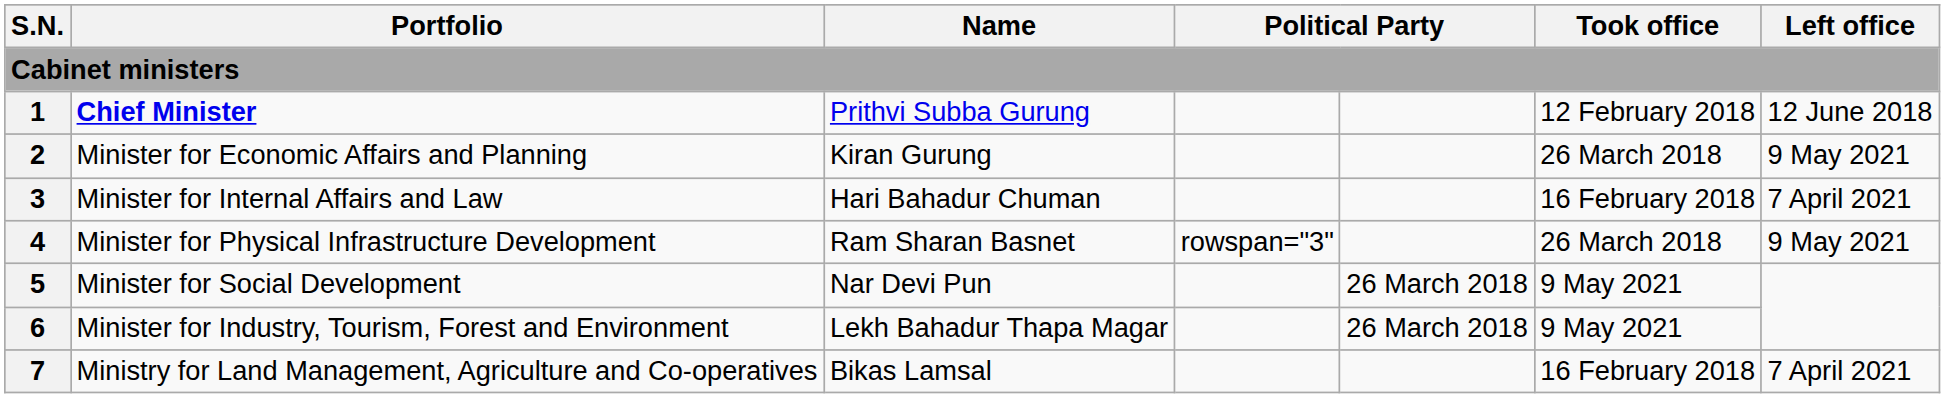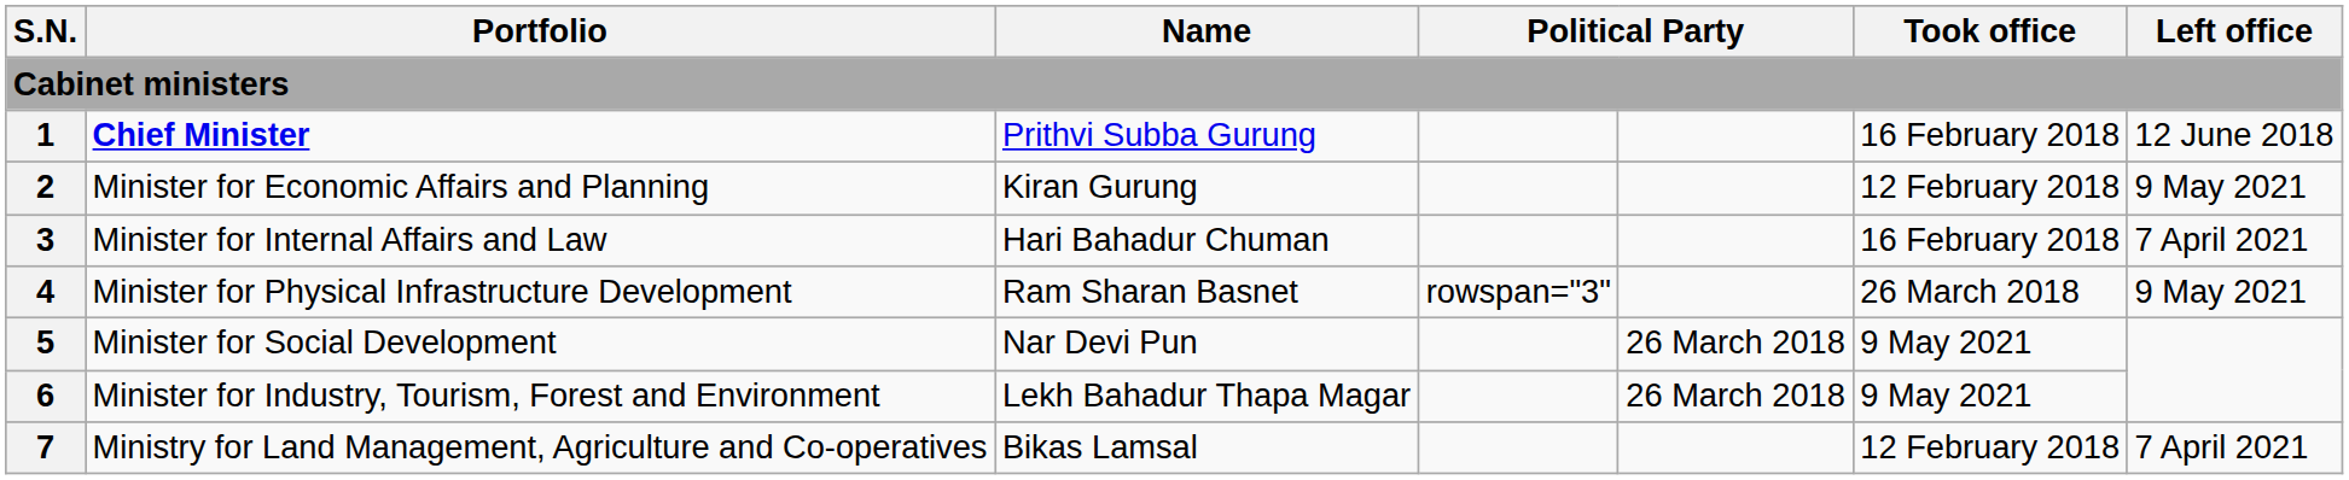 <table class="wikitable">
 <tr>
 <th>S.N.</th>
 <th>Portfolio</th>
 <th>Name<br></th>
 <th colspan="2">Political Party</th>
 <th>Took office</th>
 <th>Left office</th>
 </tr>
 <tr>
 <td colspan="7" bgcolor="darkgrey"><strong>Cabinet ministers</strong></td>
 </tr>
 <tr>
 <th>1</th>
 <td><strong><a href='#'>Chief Minister</a><br></strong></td>
 <td><a href='#'>Prithvi Subba Gurung</a><br></td>
 <td></td>
 <td></td>
-<td>12 February 2018</td>
+<td>16 February 2018</td>
 <td>12 June 2018</td>
 </tr>
 <tr>
 <th>2</th>
 <td>Minister for Economic Affairs and Planning</td>
 <td>Kiran Gurung<br></td>
 <td></td>
 <td></td>
-<td>26 March 2018</td>
+<td>12 February 2018</td>
 <td>9 May 2021</td>
 </tr>
 <tr>
 <th>3</th>
 <td>Minister for Internal Affairs and Law</td>
 <td>Hari Bahadur Chuman<br></td>
 <td></td>
 <td></td>
 <td>16 February 2018</td>
 <td>7 April 2021</td>
 </tr>
 <tr>
 <th>4</th>
 <td>Minister for Physical Infrastructure Development</td>
 <td>Ram Sharan Basnet<br></td>
 <td>rowspan="3" </td>
 <td></td>
 <td>26 March 2018</td>
 <td>9 May 2021</td>
 </tr>
 <tr>
 <th>5</th>
 <td>Minister for Social Development</td>
 <td>Nar Devi Pun</td>
 <td></td>
 <td>26 March 2018</td>
 <td>9 May 2021</td>
 </tr>
 <tr>
 <th>6</th>
 <td>Minister for Industry, Tourism, Forest and Environment</td>
 <td>Lekh Bahadur Thapa Magar<br></td>
 <td></td>
 <td>26 March 2018</td>
 <td>9 May 2021</td>
 </tr>
 <tr>
 <th>7</th>
 <td>Ministry for Land Management, Agriculture and Co-operatives</td>
 <td>Bikas Lamsal<br></td>
 <td></td>
 <td></td>
-<td>16 February 2018</td>
+<td>12 February 2018</td>
 <td>7 April 2021</td>
 </tr>
 </table>
